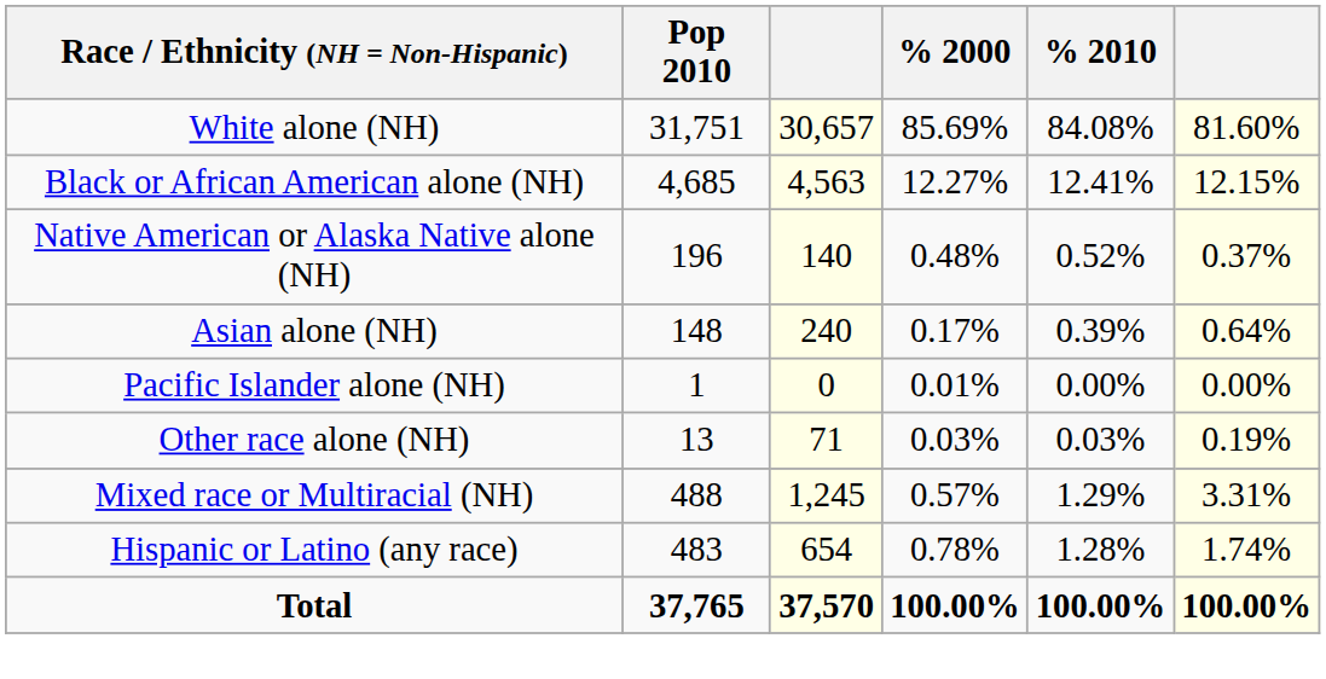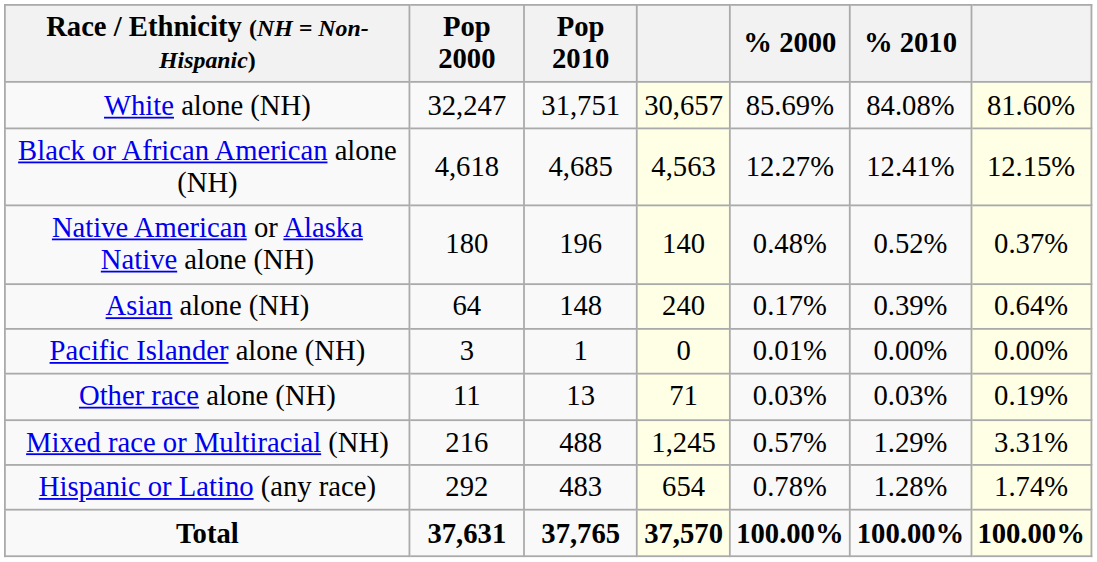 <table class="wikitable" style="text-align:center;">
 <tr>
 <th>Race / Ethnicity <small>(<em>NH = Non-Hispanic</em>)</small></th>
+<th>Pop 2000</th>
 <th>Pop 2010</th>
 <th></th>
 <th>% 2000</th>
 <th>% 2010</th>
 <th></th>
 </tr>
 <tr>
 <td><a href='#'>White</a> alone (NH)</td>
+<td>32,247</td>
 <td>31,751</td>
 <td style='background: #ffffe6;'>30,657</td>
 <td>85.69%</td>
 <td>84.08%</td>
 <td style='background: #ffffe6;'>81.60%</td>
 </tr>
 <tr>
 <td><a href='#'>Black or African American</a> alone (NH)</td>
+<td>4,618</td>
 <td>4,685</td>
 <td style='background: #ffffe6;'>4,563</td>
 <td>12.27%</td>
 <td>12.41%</td>
 <td style='background: #ffffe6;'>12.15%</td>
 </tr>
 <tr>
 <td><a href='#'>Native American</a> or <a href='#'>Alaska Native</a> alone (NH)</td>
+<td>180</td>
 <td>196</td>
 <td style='background: #ffffe6;'>140</td>
 <td>0.48%</td>
 <td>0.52%</td>
 <td style='background: #ffffe6;'>0.37%</td>
 </tr>
 <tr>
 <td><a href='#'>Asian</a> alone (NH)</td>
+<td>64</td>
 <td>148</td>
 <td style='background: #ffffe6;'>240</td>
 <td>0.17%</td>
 <td>0.39%</td>
 <td style='background: #ffffe6;'>0.64%</td>
 </tr>
 <tr>
 <td><a href='#'>Pacific Islander</a> alone (NH)</td>
+<td>3</td>
 <td>1</td>
 <td style='background: #ffffe6;'>0</td>
 <td>0.01%</td>
 <td>0.00%</td>
 <td style='background: #ffffe6;'>0.00%</td>
 </tr>
 <tr>
 <td><a href='#'>Other race</a> alone (NH)</td>
+<td>11</td>
 <td>13</td>
 <td style='background: #ffffe6;'>71</td>
 <td>0.03%</td>
 <td>0.03%</td>
 <td style='background: #ffffe6;'>0.19%</td>
 </tr>
 <tr>
 <td><a href='#'>Mixed race or Multiracial</a> (NH)</td>
+<td>216</td>
 <td>488</td>
 <td style='background: #ffffe6;'>1,245</td>
 <td>0.57%</td>
 <td>1.29%</td>
 <td style='background: #ffffe6;'>3.31%</td>
 </tr>
 <tr>
 <td><a href='#'>Hispanic or Latino</a> (any race)</td>
+<td>292</td>
 <td>483</td>
 <td style='background: #ffffe6;'>654</td>
 <td>0.78%</td>
 <td>1.28%</td>
 <td style='background: #ffffe6;'>1.74%</td>
 </tr>
 <tr>
 <td><strong>Total</strong></td>
+<td><strong>37,631</strong></td>
 <td><strong>37,765</strong></td>
 <td style='background: #ffffe6;'><strong>37,570</strong></td>
 <td><strong>100.00%</strong></td>
 <td><strong>100.00%</strong></td>
 <td style='background: #ffffe6;'><strong>100.00%</strong></td>
 </tr>
 </table>
